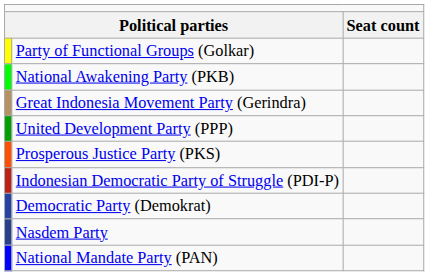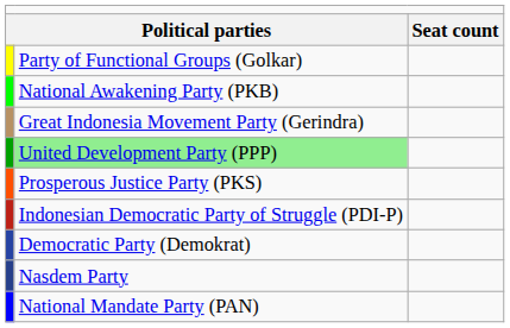 <table class="wikitable">
 <tr>
 <td colspan="4"></td>
 </tr>
 <tr>
 <th colspan="2">Political parties</th>
 <th>Seat count</th>
 </tr>
 <tr>
 <td bgcolor=#FFFF00></td>
 <td><a href='#'>Party of Functional Groups</a> (Golkar)</td>
 <td></td>
 </tr>
 <tr>
 <td bgcolor=#00FF00></td>
 <td><a href='#'>National Awakening Party</a> (PKB)</td>
 <td></td>
 </tr>
 <tr>
 <td bgcolor=#B79164></td>
 <td><a href='#'>Great Indonesia Movement Party</a> (Gerindra)</td>
 <td></td>
 </tr>
 <tr>
 <td bgcolor=#00A100></td>
-<td><a href='#'>United Development Party</a> (PPP)</td>
+<td style="background: lightgreen;"><a href='#'>United Development Party</a> (PPP)</td>
 <td></td>
 </tr>
 <tr>
 <td bgcolor=#FF4F00></td>
 <td><a href='#'>Prosperous Justice Party</a> (PKS)</td>
 <td></td>
 </tr>
 <tr>
 <td bgcolor=#BD2016></td>
 <td><a href='#'>Indonesian Democratic Party of Struggle</a> (PDI-P)</td>
 <td></td>
 </tr>
 <tr>
 <td bgcolor=#2643A3></td>
 <td><a href='#'>Democratic Party</a> (Demokrat)</td>
 <td></td>
 </tr>
 <tr>
 <td bgcolor=#27408B></td>
 <td><a href='#'>Nasdem Party</a></td>
 <td></td>
 </tr>
 <tr>
 <td bgcolor=#0000FF></td>
 <td><a href='#'>National Mandate Party</a> (PAN)</td>
 <td></td>
 </tr>
 </table>
